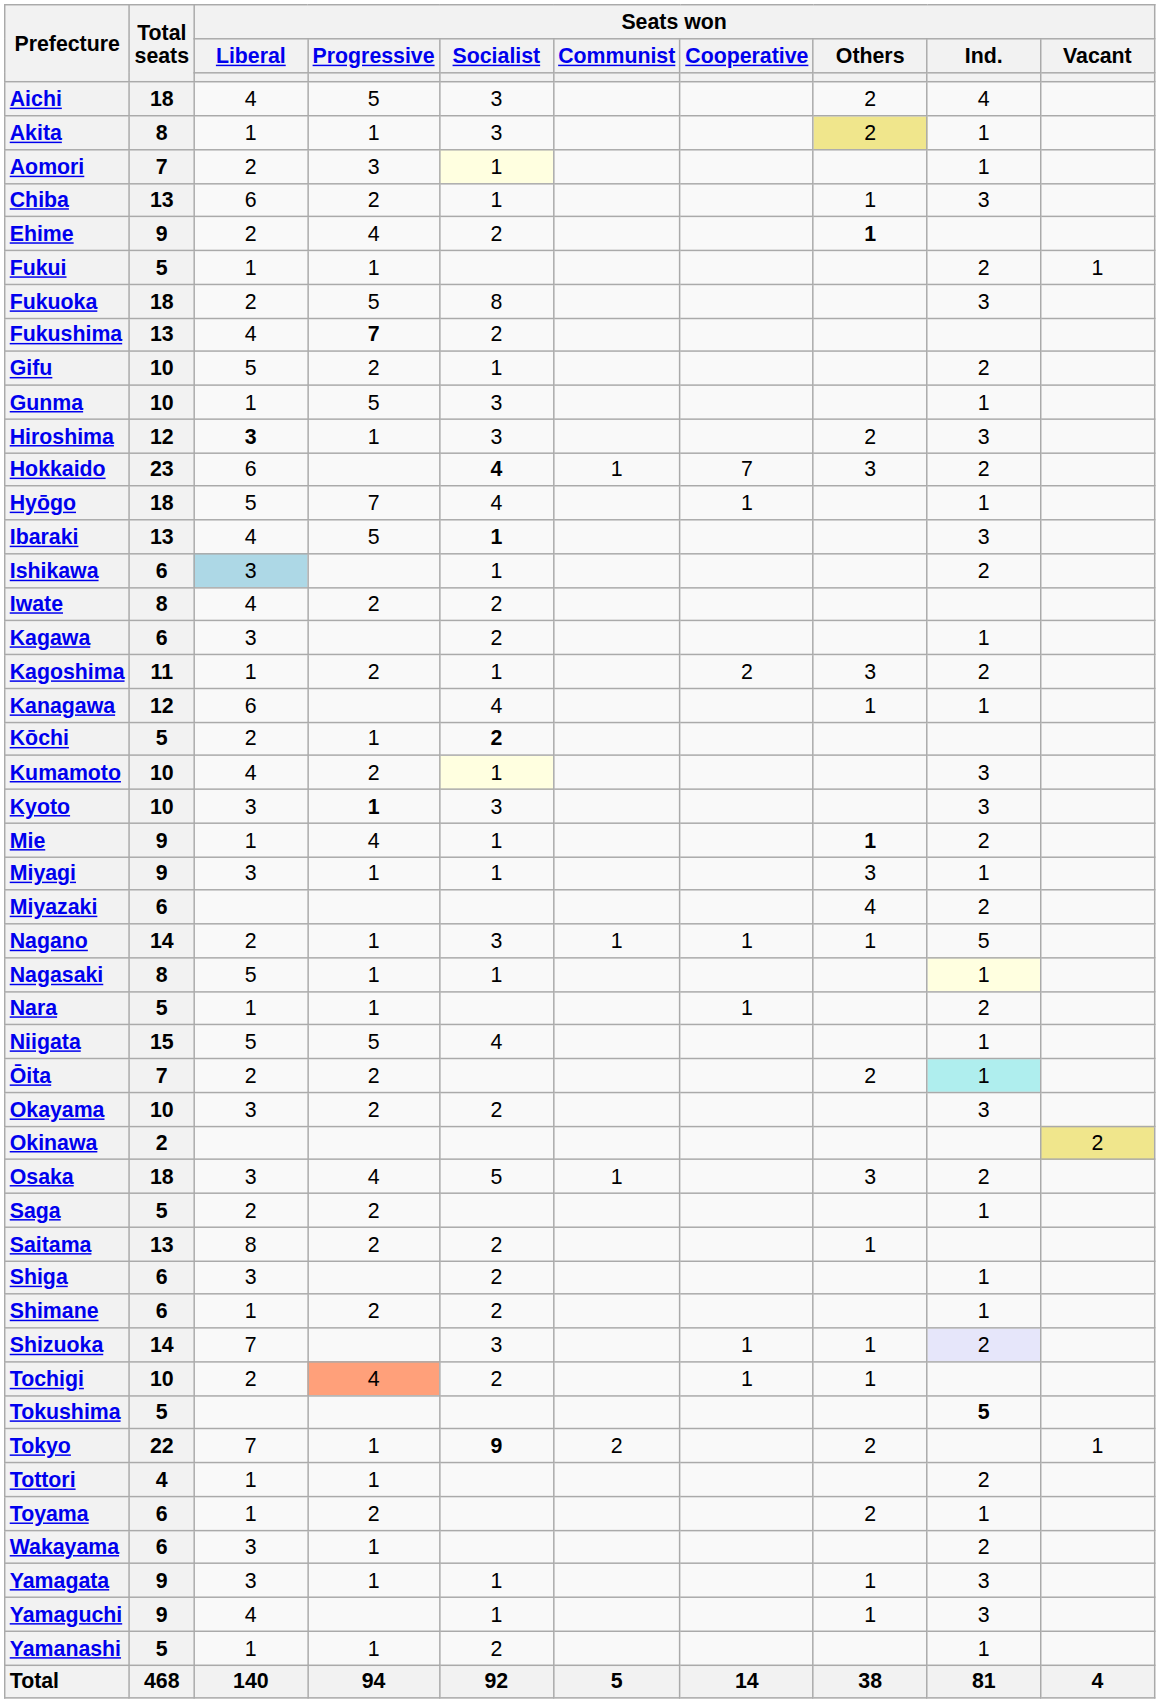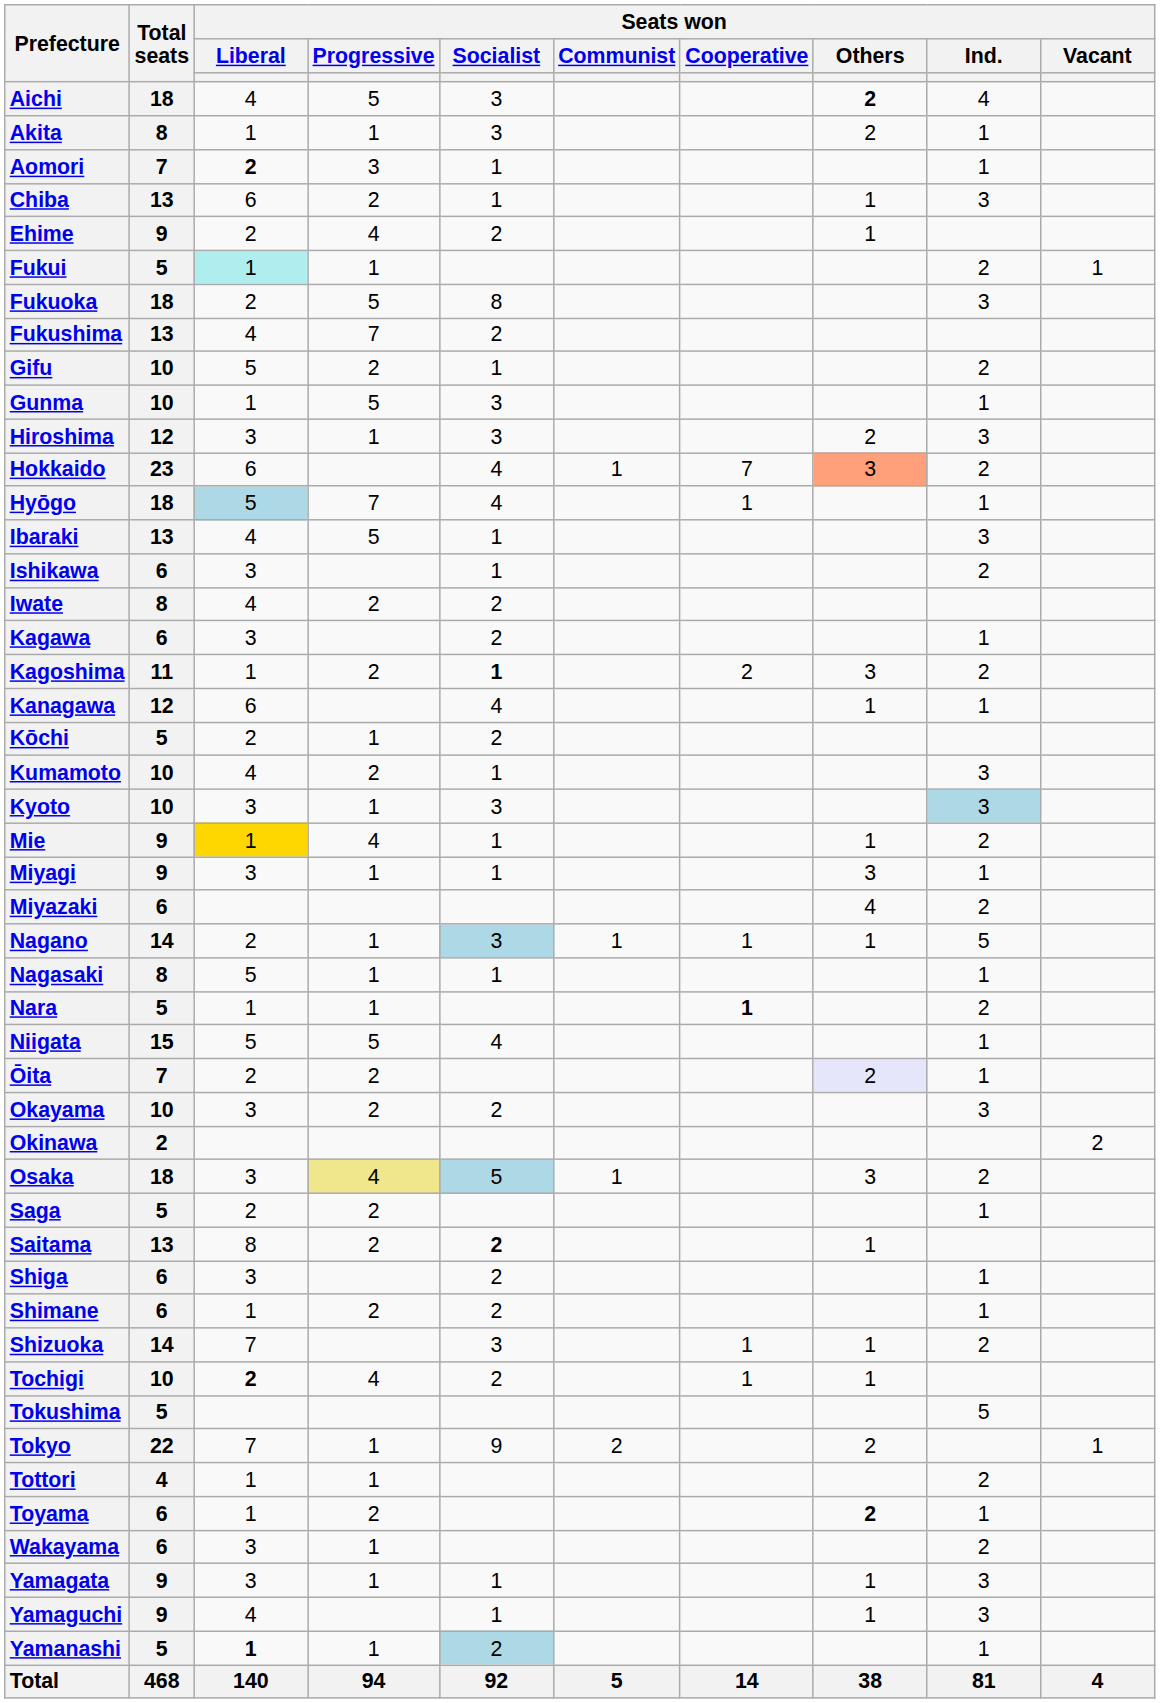 <table class="wikitable" style="text-align:center; font-size: 0.9em;">
 <tr>
 <th rowspan="3">Prefecture</th>
 <th rowspan="3">Total<br>seats</th>
 <th colspan="8">Seats won</th>
 </tr>
 <tr>
 <th class="unsortable" style="width:70px;"><a href='#'>Liberal</a></th>
 <th class="unsortable" style="width:70px;"><a href='#'>Progressive</a></th>
 <th class="unsortable" style="width:70px;"><a href='#'>Socialist</a></th>
 <th class="unsortable" style="width:70px;"><a href='#'>Communist</a></th>
 <th class="unsortable" style="width:70px;"><a href='#'>Cooperative</a></th>
 <th class="unsortable" style="width:70px;">Others</th>
 <th class="unsortable" style="width:70px;">Ind.</th>
 <th class="unsortable" style="width:70px;">Vacant</th>
 </tr>
 <tr>
 <th style="background:"></th>
 <th style="background:"></th>
 <th style="background:"></th>
 <th style="background:"></th>
 <th style="background:"></th>
 <th></th>
 <th style="background:"></th>
 <th></th>
 </tr>
 <tr>
 <th style="text-align: left;"><a href='#'>Aichi</a></th>
 <th>18</th>
 <td>4</td>
 <td>5</td>
 <td>3</td>
 <td></td>
 <td></td>
-<td>2</td>
+<td><strong>2</strong></td>
 <td>4</td>
 <td></td>
 </tr>
 <tr>
 <th style="text-align: left;"><a href='#'>Akita</a></th>
 <th>8</th>
 <td>1</td>
 <td>1</td>
 <td>3</td>
 <td></td>
 <td></td>
-<td style="background: khaki;">2</td>
+<td>2</td>
 <td>1</td>
 <td></td>
 </tr>
 <tr>
 <th style="text-align: left;"><a href='#'>Aomori</a></th>
 <th>7</th>
-<td>2</td>
+<td><strong>2</strong></td>
 <td>3</td>
-<td style="background: lightyellow;">1</td>
+<td>1</td>
 <td></td>
 <td></td>
 <td></td>
 <td>1</td>
 <td></td>
 </tr>
 <tr>
 <th style="text-align: left;"><a href='#'>Chiba</a></th>
 <th>13</th>
 <td>6</td>
 <td>2</td>
 <td>1</td>
 <td></td>
 <td></td>
 <td>1</td>
 <td>3</td>
 <td></td>
 </tr>
 <tr>
 <th style="text-align: left;"><a href='#'>Ehime</a></th>
 <th>9</th>
 <td>2</td>
 <td>4</td>
 <td>2</td>
 <td></td>
 <td></td>
-<td><strong>1</strong></td>
+<td>1</td>
 <td></td>
 <td></td>
 </tr>
 <tr>
 <th style="text-align: left;"><a href='#'>Fukui</a></th>
 <th>5</th>
-<td>1</td>
+<td style="background: paleturquoise;">1</td>
 <td>1</td>
 <td></td>
 <td></td>
 <td></td>
 <td></td>
 <td>2</td>
 <td>1</td>
 </tr>
 <tr>
 <th style="text-align: left;"><a href='#'>Fukuoka</a></th>
 <th>18</th>
 <td>2</td>
 <td>5</td>
 <td>8</td>
 <td></td>
 <td></td>
 <td></td>
 <td>3</td>
 <td></td>
 </tr>
 <tr>
 <th style="text-align: left;"><a href='#'>Fukushima</a></th>
 <th>13</th>
 <td>4</td>
-<td><strong>7</strong></td>
+<td>7</td>
 <td>2</td>
 <td></td>
 <td></td>
 <td></td>
 <td></td>
 <td></td>
 </tr>
 <tr>
 <th style="text-align: left;"><a href='#'>Gifu</a></th>
 <th>10</th>
 <td>5</td>
 <td>2</td>
 <td>1</td>
 <td></td>
 <td></td>
 <td></td>
 <td>2</td>
 <td></td>
 </tr>
 <tr>
 <th style="text-align: left;"><a href='#'>Gunma</a></th>
 <th>10</th>
 <td>1</td>
 <td>5</td>
 <td>3</td>
 <td></td>
 <td></td>
 <td></td>
 <td>1</td>
 <td></td>
 </tr>
 <tr>
 <th style="text-align: left;"><a href='#'>Hiroshima</a></th>
 <th>12</th>
-<td><strong>3</strong></td>
+<td>3</td>
 <td>1</td>
 <td>3</td>
 <td></td>
 <td></td>
 <td>2</td>
 <td>3</td>
 <td></td>
 </tr>
 <tr>
 <th style="text-align: left;"><a href='#'>Hokkaido</a></th>
 <th>23</th>
 <td>6</td>
 <td></td>
-<td><strong>4</strong></td>
+<td>4</td>
 <td>1</td>
 <td>7</td>
-<td>3</td>
+<td style="background: lightsalmon;">3</td>
 <td>2</td>
 <td></td>
 </tr>
 <tr>
 <th style="text-align: left;"><a href='#'>Hyōgo</a></th>
 <th>18</th>
-<td>5</td>
+<td style="background: lightblue;">5</td>
 <td>7</td>
 <td>4</td>
 <td></td>
 <td>1</td>
 <td></td>
 <td>1</td>
 <td></td>
 </tr>
 <tr>
 <th style="text-align: left;"><a href='#'>Ibaraki</a></th>
 <th>13</th>
 <td>4</td>
 <td>5</td>
-<td><strong>1</strong></td>
+<td>1</td>
 <td></td>
 <td></td>
 <td></td>
 <td>3</td>
 <td></td>
 </tr>
 <tr>
 <th style="text-align: left;"><a href='#'>Ishikawa</a></th>
 <th>6</th>
-<td style="background: lightblue;">3</td>
+<td>3</td>
 <td></td>
 <td>1</td>
 <td></td>
 <td></td>
 <td></td>
 <td>2</td>
 <td></td>
 </tr>
 <tr>
 <th style="text-align: left;"><a href='#'>Iwate</a></th>
 <th>8</th>
 <td>4</td>
 <td>2</td>
 <td>2</td>
 <td></td>
 <td></td>
 <td></td>
 <td></td>
 <td></td>
 </tr>
 <tr>
 <th style="text-align: left;"><a href='#'>Kagawa</a></th>
 <th>6</th>
 <td>3</td>
 <td></td>
 <td>2</td>
 <td></td>
 <td></td>
 <td></td>
 <td>1</td>
 <td></td>
 </tr>
 <tr>
 <th style="text-align: left;"><a href='#'>Kagoshima</a></th>
 <th>11</th>
 <td>1</td>
 <td>2</td>
-<td>1</td>
+<td><strong>1</strong></td>
 <td></td>
 <td>2</td>
 <td>3</td>
 <td>2</td>
 <td></td>
 </tr>
 <tr>
 <th style="text-align: left;"><a href='#'>Kanagawa</a></th>
 <th>12</th>
 <td>6</td>
 <td></td>
 <td>4</td>
 <td></td>
 <td></td>
 <td>1</td>
 <td>1</td>
 <td></td>
 </tr>
 <tr>
 <th style="text-align: left;"><a href='#'>Kōchi</a></th>
 <th>5</th>
 <td>2</td>
 <td>1</td>
-<td><strong>2</strong></td>
+<td>2</td>
 <td></td>
 <td></td>
 <td></td>
 <td></td>
 <td></td>
 </tr>
 <tr>
 <th style="text-align: left;"><a href='#'>Kumamoto</a></th>
 <th>10</th>
 <td>4</td>
 <td>2</td>
-<td style="background: lightyellow;">1</td>
+<td>1</td>
 <td></td>
 <td></td>
 <td></td>
 <td>3</td>
 <td></td>
 </tr>
 <tr>
 <th style="text-align: left;"><a href='#'>Kyoto</a></th>
 <th>10</th>
 <td>3</td>
-<td><strong>1</strong></td>
+<td>1</td>
 <td>3</td>
 <td></td>
 <td></td>
 <td></td>
-<td>3</td>
+<td style="background: lightblue;">3</td>
 <td></td>
 </tr>
 <tr>
 <th style="text-align: left;"><a href='#'>Mie</a></th>
 <th>9</th>
-<td>1</td>
+<td style="background: gold;">1</td>
 <td>4</td>
 <td>1</td>
 <td></td>
 <td></td>
-<td><strong>1</strong></td>
+<td>1</td>
 <td>2</td>
 <td></td>
 </tr>
 <tr>
 <th style="text-align: left;"><a href='#'>Miyagi</a></th>
 <th>9</th>
 <td>3</td>
 <td>1</td>
 <td>1</td>
 <td></td>
 <td></td>
 <td>3</td>
 <td>1</td>
 <td></td>
 </tr>
 <tr>
 <th style="text-align: left;"><a href='#'>Miyazaki</a></th>
 <th>6</th>
 <td></td>
 <td></td>
 <td></td>
 <td></td>
 <td></td>
 <td>4</td>
 <td>2</td>
 <td></td>
 </tr>
 <tr>
 <th style="text-align: left;"><a href='#'>Nagano</a></th>
 <th>14</th>
 <td>2</td>
 <td>1</td>
-<td>3</td>
+<td style="background: lightblue;">3</td>
 <td>1</td>
 <td>1</td>
 <td>1</td>
 <td>5</td>
 <td></td>
 </tr>
 <tr>
 <th style="text-align: left;"><a href='#'>Nagasaki</a></th>
 <th>8</th>
 <td>5</td>
 <td>1</td>
 <td>1</td>
 <td></td>
 <td></td>
 <td></td>
-<td style="background: lightyellow;">1</td>
+<td>1</td>
 <td></td>
 </tr>
 <tr>
 <th style="text-align: left;"><a href='#'>Nara</a></th>
 <th>5</th>
 <td>1</td>
 <td>1</td>
 <td></td>
 <td></td>
-<td>1</td>
+<td><strong>1</strong></td>
 <td></td>
 <td>2</td>
 <td></td>
 </tr>
 <tr>
 <th style="text-align: left;"><a href='#'>Niigata</a></th>
 <th>15</th>
 <td>5</td>
 <td>5</td>
 <td>4</td>
 <td></td>
 <td></td>
 <td></td>
 <td>1</td>
 <td></td>
 </tr>
 <tr>
 <th style="text-align: left;"><a href='#'>Ōita</a></th>
 <th>7</th>
 <td>2</td>
 <td>2</td>
 <td></td>
 <td></td>
 <td></td>
-<td>2</td>
-<td style="background: paleturquoise;">1</td>
+<td style="background: lavender;">2</td>
+<td>1</td>
 <td></td>
 </tr>
 <tr>
 <th style="text-align: left;"><a href='#'>Okayama</a></th>
 <th>10</th>
 <td>3</td>
 <td>2</td>
 <td>2</td>
 <td></td>
 <td></td>
 <td></td>
 <td>3</td>
 <td></td>
 </tr>
 <tr>
 <th style="text-align: left;"><a href='#'>Okinawa</a></th>
 <th>2</th>
 <td></td>
 <td></td>
 <td></td>
 <td></td>
 <td></td>
 <td></td>
 <td></td>
-<td style="background: khaki;">2</td>
+<td>2</td>
 </tr>
 <tr>
 <th style="text-align: left;"><a href='#'>Osaka</a></th>
 <th>18</th>
 <td>3</td>
-<td>4</td>
-<td>5</td>
+<td style="background: khaki;">4</td>
+<td style="background: lightblue;">5</td>
 <td>1</td>
 <td></td>
 <td>3</td>
 <td>2</td>
 <td></td>
 </tr>
 <tr>
 <th style="text-align: left;"><a href='#'>Saga</a></th>
 <th>5</th>
 <td>2</td>
 <td>2</td>
 <td></td>
 <td></td>
 <td></td>
 <td></td>
 <td>1</td>
 <td></td>
 </tr>
 <tr>
 <th style="text-align: left;"><a href='#'>Saitama</a></th>
 <th>13</th>
 <td>8</td>
 <td>2</td>
-<td>2</td>
+<td><strong>2</strong></td>
 <td></td>
 <td></td>
 <td>1</td>
 <td></td>
 <td></td>
 </tr>
 <tr>
 <th style="text-align: left;"><a href='#'>Shiga</a></th>
 <th>6</th>
 <td>3</td>
 <td></td>
 <td>2</td>
 <td></td>
 <td></td>
 <td></td>
 <td>1</td>
 <td></td>
 </tr>
 <tr>
 <th style="text-align: left;"><a href='#'>Shimane</a></th>
 <th>6</th>
 <td>1</td>
 <td>2</td>
 <td>2</td>
 <td></td>
 <td></td>
 <td></td>
 <td>1</td>
 <td></td>
 </tr>
 <tr>
 <th style="text-align: left;"><a href='#'>Shizuoka</a></th>
 <th>14</th>
 <td>7</td>
 <td></td>
 <td>3</td>
 <td></td>
 <td>1</td>
 <td>1</td>
-<td style="background: lavender;">2</td>
+<td>2</td>
 <td></td>
 </tr>
 <tr>
 <th style="text-align: left;"><a href='#'>Tochigi</a></th>
 <th>10</th>
-<td>2</td>
-<td style="background: lightsalmon;">4</td>
+<td><strong>2</strong></td>
+<td>4</td>
 <td>2</td>
 <td></td>
 <td>1</td>
 <td>1</td>
 <td></td>
 <td></td>
 </tr>
 <tr>
 <th style="text-align: left;"><a href='#'>Tokushima</a></th>
 <th>5</th>
 <td></td>
 <td></td>
 <td></td>
 <td></td>
 <td></td>
 <td></td>
-<td><strong>5</strong></td>
+<td>5</td>
 <td></td>
 </tr>
 <tr>
 <th style="text-align: left;"><a href='#'>Tokyo</a></th>
 <th>22</th>
 <td>7</td>
 <td>1</td>
-<td><strong>9</strong></td>
+<td>9</td>
 <td>2</td>
 <td></td>
 <td>2</td>
 <td></td>
 <td>1</td>
 </tr>
 <tr>
 <th style="text-align: left;"><a href='#'>Tottori</a></th>
 <th>4</th>
 <td>1</td>
 <td>1</td>
 <td></td>
 <td></td>
 <td></td>
 <td></td>
 <td>2</td>
 <td></td>
 </tr>
 <tr>
 <th style="text-align: left;"><a href='#'>Toyama</a></th>
 <th>6</th>
 <td>1</td>
 <td>2</td>
 <td></td>
 <td></td>
 <td></td>
-<td>2</td>
+<td><strong>2</strong></td>
 <td>1</td>
 <td></td>
 </tr>
 <tr>
 <th style="text-align: left;"><a href='#'>Wakayama</a></th>
 <th>6</th>
 <td>3</td>
 <td>1</td>
 <td></td>
 <td></td>
 <td></td>
 <td></td>
 <td>2</td>
 <td></td>
 </tr>
 <tr>
 <th style="text-align: left;"><a href='#'>Yamagata</a></th>
 <th>9</th>
 <td>3</td>
 <td>1</td>
 <td>1</td>
 <td></td>
 <td></td>
 <td>1</td>
 <td>3</td>
 <td></td>
 </tr>
 <tr>
 <th style="text-align: left;"><a href='#'>Yamaguchi</a></th>
 <th>9</th>
 <td>4</td>
 <td></td>
 <td>1</td>
 <td></td>
 <td></td>
 <td>1</td>
 <td>3</td>
 <td></td>
 </tr>
 <tr>
 <th style="text-align: left;"><a href='#'>Yamanashi</a></th>
 <th>5</th>
+<td><strong>1</strong></td>
 <td>1</td>
-<td>1</td>
-<td>2</td>
+<td style="background: lightblue;">2</td>
 <td></td>
 <td></td>
 <td></td>
 <td>1</td>
 <td></td>
 </tr>
 <tr class="sortbottom">
 <th style="text-align: left;">Total</th>
 <th>468</th>
 <th>140</th>
 <th>94</th>
 <th>92</th>
 <th>5</th>
 <th>14</th>
 <th>38</th>
 <th>81</th>
 <th>4</th>
 </tr>
 </table>
